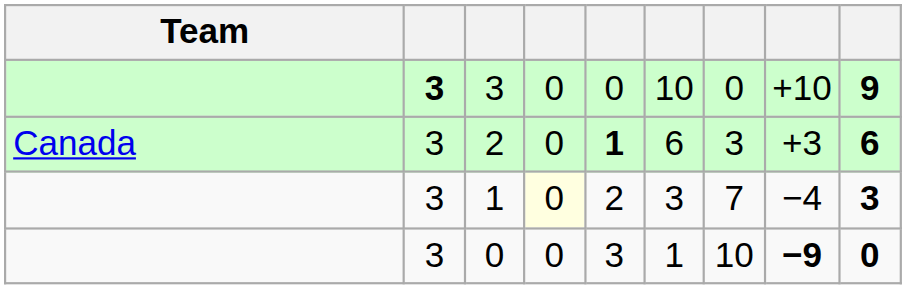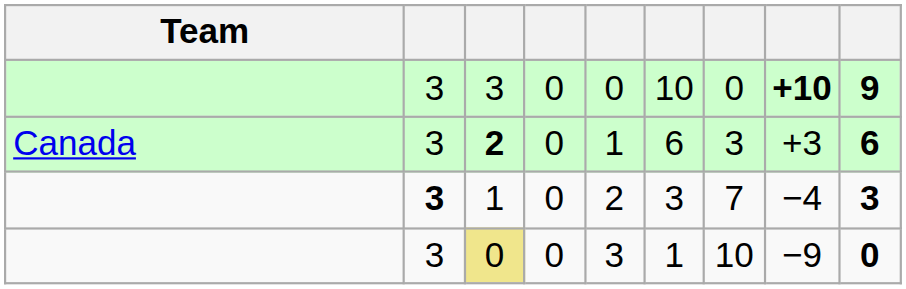 <table class="wikitable" style="text-align: center;">
 <tr>
 <th width="175">Team</th>
 <th width="20"></th>
 <th width="20"></th>
 <th width="20"></th>
 <th width="20"></th>
 <th width="20"></th>
 <th width="20"></th>
 <th width="20"></th>
 <th width="20"></th>
 </tr>
 <tr style="background:#ccffcc;">
 <td align=left></td>
-<td><strong>3</strong></td>
+<td>3</td>
 <td>3</td>
 <td>0</td>
 <td>0</td>
 <td>10</td>
 <td>0</td>
-<td>+10</td>
+<td><strong>+10</strong></td>
 <td><strong>9</strong></td>
 </tr>
 <tr style="background:#ccffcc;">
 <td align=left> <a href='#'>Canada</a></td>
 <td>3</td>
-<td>2</td>
+<td><strong>2</strong></td>
 <td>0</td>
-<td><strong>1</strong></td>
+<td>1</td>
 <td>6</td>
 <td>3</td>
 <td>+3</td>
 <td><strong>6</strong></td>
 </tr>
 <tr>
 <td align=left></td>
-<td>3</td>
+<td><strong>3</strong></td>
 <td>1</td>
-<td style="background: lightyellow;">0</td>
+<td>0</td>
 <td>2</td>
 <td>3</td>
 <td>7</td>
 <td>−4</td>
 <td><strong>3</strong></td>
 </tr>
 <tr>
 <td align=left></td>
 <td>3</td>
-<td>0</td>
+<td style="background: khaki;">0</td>
 <td>0</td>
 <td>3</td>
 <td>1</td>
 <td>10</td>
-<td><strong>−9</strong></td>
+<td>−9</td>
 <td><strong>0</strong></td>
 </tr>
 </table>
